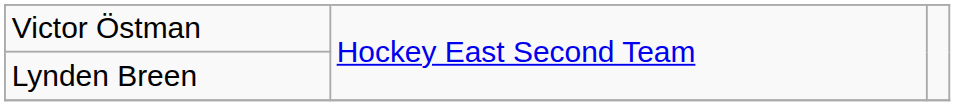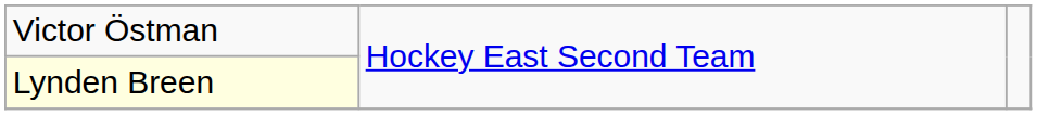 <table class="wikitable" width=40%>
 <tr>
 <td>Victor Östman</td>
 <td rowspan=2><a href='#'>Hockey East Second Team</a></td>
 <td rowspan=2></td>
 </tr>
 <tr>
-<td>Lynden Breen</td>
+<td style="background: lightyellow;">Lynden Breen</td>
 </tr>
 <tr>
 </tr>
 </table>
